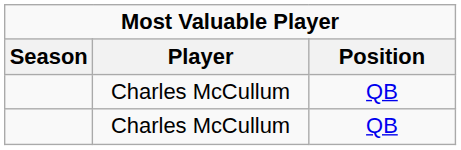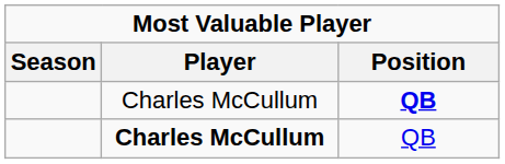 <table class="wikitable sortable" style="text-align:center">
 <tr>
 <td colspan="4"><strong>Most Valuable Player</strong></td>
 </tr>
 <tr>
 <th style="width:50px; ">Season</th>
 <th style="width:150px; ">Player</th>
 <th style="width:100px; ">Position</th>
 </tr>
 <tr>
 <td></td>
 <td>Charles McCullum</td>
-<td><a href='#'>QB</a></td>
+<td><strong><a href='#'>QB</a></strong></td>
 </tr>
 <tr>
 <td></td>
-<td>Charles McCullum</td>
+<td><strong>Charles McCullum</strong></td>
 <td><a href='#'>QB</a></td>
 </tr>
 </table>
